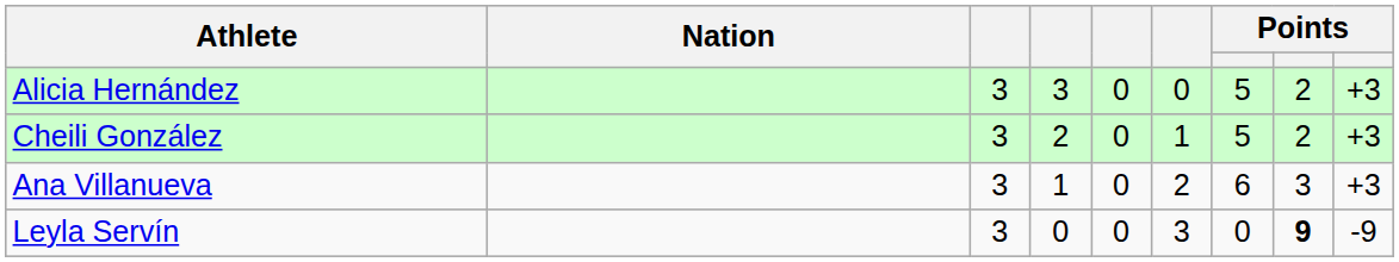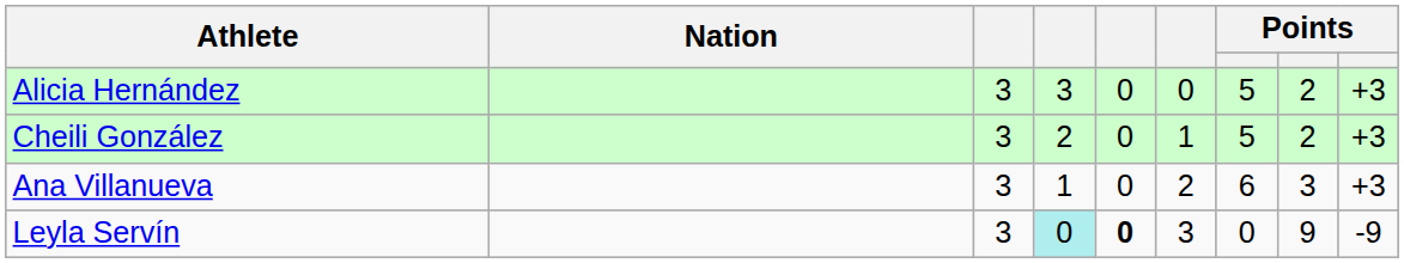 <table class="wikitable" style="text-align: center; font-size:100% ">
 <tr>
 <th rowspan=2 width=250>Athlete</th>
 <th rowspan=2 width=250>Nation</th>
 <th rowspan=2 width=25></th>
 <th rowspan=2 width=25></th>
 <th rowspan=2 width=25></th>
 <th rowspan=2 width=25></th>
 <th colspan=3>Points</th>
 </tr>
 <tr>
 <th width=25></th>
 <th width=25></th>
 <th width=25></th>
 </tr>
 <tr bgcolor="ccffcc">
 <td align=left><a href='#'>Alicia Hernández</a></td>
 <td align=left></td>
 <td>3</td>
 <td>3</td>
 <td>0</td>
 <td>0</td>
 <td>5</td>
 <td>2</td>
 <td>+3</td>
 </tr>
 <tr bgcolor="ccffcc">
 <td align=left><a href='#'>Cheili González</a></td>
 <td align=left></td>
 <td>3</td>
 <td>2</td>
 <td>0</td>
 <td>1</td>
 <td>5</td>
 <td>2</td>
 <td>+3</td>
 </tr>
 <tr>
 <td align=left><a href='#'>Ana Villanueva</a></td>
 <td align=left></td>
 <td>3</td>
 <td>1</td>
 <td>0</td>
 <td>2</td>
 <td>6</td>
 <td>3</td>
 <td>+3</td>
 </tr>
 <tr>
 <td align=left><a href='#'>Leyla Servín</a></td>
 <td align=left></td>
 <td>3</td>
-<td>0</td>
-<td>0</td>
+<td style="background: paleturquoise;">0</td>
+<td><strong>0</strong></td>
 <td>3</td>
 <td>0</td>
-<td><strong>9</strong></td>
+<td>9</td>
 <td>-9</td>
 </tr>
 </table>
